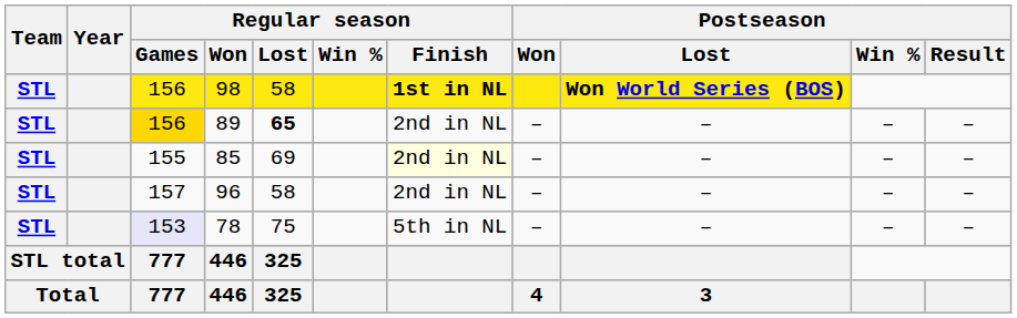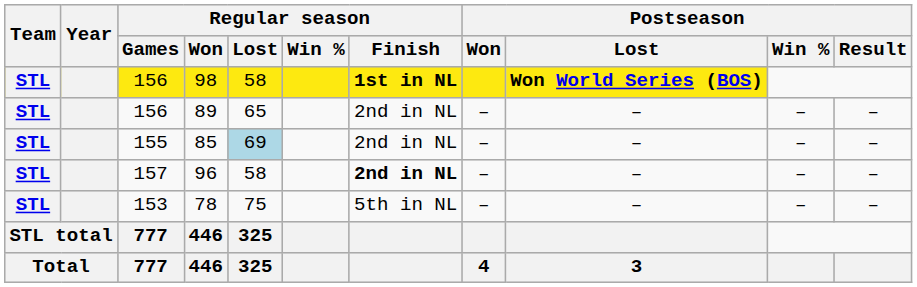 <table class="wikitable" style="font-size: 95%; text-align:center;">
 <tr>
 <th rowspan="2">Team</th>
 <th rowspan="2">Year</th>
 <th colspan="5">Regular season</th>
 <th colspan="4">Postseason</th>
 </tr>
 <tr>
 <th>Games</th>
 <th>Won</th>
 <th>Lost</th>
 <th>Win %</th>
 <th>Finish</th>
 <th>Won</th>
 <th>Lost</th>
 <th>Win %</th>
 <th>Result</th>
 </tr>
 <tr style="background:#fde910">
 <th><a href='#'>STL</a></th>
 <th></th>
 <td>156</td>
 <td>98</td>
 <td>58</td>
 <td></td>
 <td><strong>1st in NL</strong></td>
 <td></td>
 <td><strong>Won <a href='#'>World Series</a> (<a href='#'>BOS</a>)</strong></td>
 </tr>
 <tr>
 <th><a href='#'>STL</a></th>
 <th></th>
-<td style="background: gold;">156</td>
+<td>156</td>
 <td>89</td>
-<td><strong>65</strong></td>
+<td>65</td>
 <td></td>
 <td>2nd in NL</td>
 <td>–</td>
 <td>–</td>
 <td>–</td>
 <td>–</td>
 </tr>
 <tr>
 <th><a href='#'>STL</a></th>
 <th></th>
 <td>155</td>
 <td>85</td>
-<td>69</td>
+<td style="background: lightblue;">69</td>
 <td></td>
-<td style="background: lightyellow;">2nd in NL</td>
+<td>2nd in NL</td>
 <td>–</td>
 <td>–</td>
 <td>–</td>
 <td>–</td>
 </tr>
 <tr>
 <th><a href='#'>STL</a></th>
 <th></th>
 <td>157</td>
 <td>96</td>
 <td>58</td>
 <td></td>
-<td>2nd in NL</td>
+<td><strong>2nd in NL</strong></td>
 <td>–</td>
 <td>–</td>
 <td>–</td>
 <td>–</td>
 </tr>
 <tr>
 <th><a href='#'>STL</a></th>
 <th></th>
-<td style="background: lavender;">153</td>
+<td>153</td>
 <td>78</td>
 <td>75</td>
 <td></td>
 <td>5th in NL</td>
 <td>–</td>
 <td>–</td>
 <td>–</td>
 <td>–</td>
 </tr>
 <tr>
 <th colspan="2">STL total</th>
 <th>777</th>
 <th>446</th>
 <th>325</th>
 <th></th>
 <th></th>
 <th></th>
 <th></th>
 </tr>
 <tr>
 <th colspan="2">Total</th>
 <th>777</th>
 <th>446</th>
 <th>325</th>
 <th></th>
 <th></th>
 <th>4</th>
 <th>3</th>
 <th></th>
 <th></th>
 </tr>
 </table>
